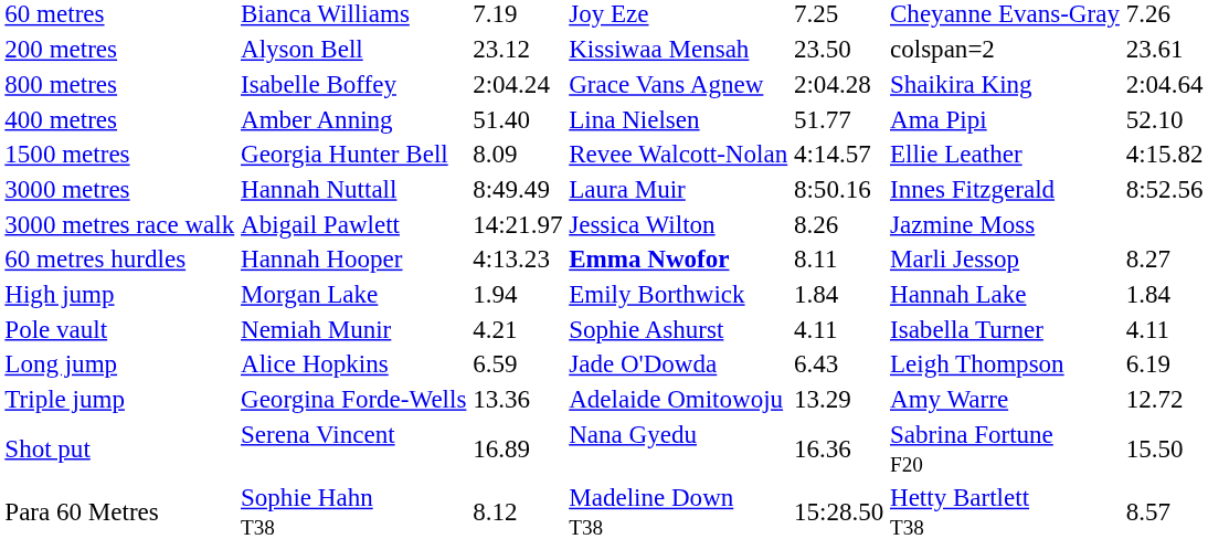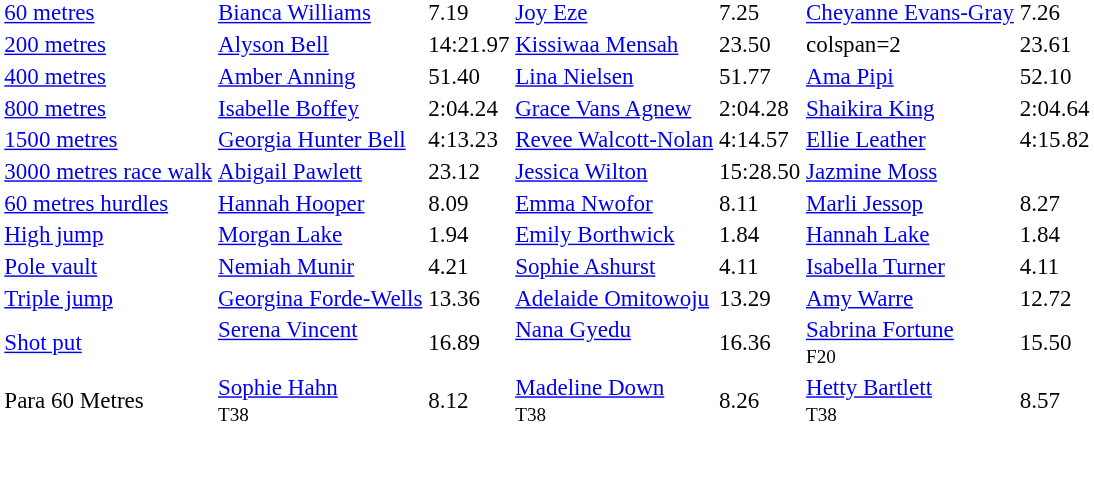 <table>
 <tr>
 <td><a href='#'>60 metres</a></td>
 <td><a href='#'>Bianca Williams</a></td>
 <td>7.19 </td>
 <td><a href='#'>Joy Eze</a></td>
 <td>7.25</td>
 <td><a href='#'>Cheyanne Evans-Gray</a></td>
 <td>7.26 </td>
 </tr>
 <tr>
 <td><a href='#'>200 metres</a></td>
 <td><a href='#'>Alyson Bell</a></td>
-<td>23.12 </td>
+<td>14:21.97</td>
 <td><a href='#'>Kissiwaa Mensah</a></td>
 <td>23.50</td>
 <td>colspan=2 </td>
 <td>23.61</td>
+</tr>
+<tr>
+<td><a href='#'>400 metres</a></td>
+<td><a href='#'>Amber Anning</a></td>
+<td>51.40</td>
+<td><a href='#'>Lina Nielsen</a></td>
+<td>51.77 </td>
+<td><a href='#'>Ama Pipi</a></td>
+<td>52.10 </td>
 </tr>
 <tr>
 <td><a href='#'>800 metres</a></td>
 <td><a href='#'>Isabelle Boffey</a></td>
 <td>2:04.24</td>
 <td><a href='#'>Grace Vans Agnew</a></td>
 <td>2:04.28</td>
 <td><a href='#'>Shaikira King</a></td>
 <td>2:04.64</td>
 </tr>
 <tr>
-<td><a href='#'>400 metres</a></td>
-<td><a href='#'>Amber Anning</a></td>
-<td>51.40</td>
-<td><a href='#'>Lina Nielsen</a></td>
-<td>51.77 </td>
-<td><a href='#'>Ama Pipi</a></td>
-<td>52.10 </td>
-</tr>
-<tr>
 <td><a href='#'>1500 metres</a></td>
 <td><a href='#'>Georgia Hunter Bell</a></td>
-<td>8.09 </td>
+<td>4:13.23</td>
 <td><a href='#'>Revee Walcott-Nolan</a></td>
 <td>4:14.57</td>
 <td><a href='#'>Ellie Leather</a></td>
 <td>4:15.82</td>
 </tr>
 <tr>
-<td><a href='#'>3000 metres</a></td>
-<td><a href='#'>Hannah Nuttall</a></td>
-<td>8:49.49</td>
-<td><a href='#'>Laura Muir</a></td>
-<td>8:50.16</td>
-<td><a href='#'>Innes Fitzgerald</a></td>
-<td>8:52.56</td>
-</tr>
-<tr>
 <td><a href='#'>3000 metres race walk</a></td>
 <td><a href='#'>Abigail Pawlett</a></td>
-<td>14:21.97</td>
+<td>23.12 </td>
 <td><a href='#'>Jessica Wilton</a></td>
-<td>8.26</td>
+<td>15:28.50</td>
 <td><a href='#'>Jazmine Moss</a></td>
 </tr>
 <tr>
 <td><a href='#'>60 metres hurdles</a></td>
 <td><a href='#'>Hannah Hooper</a></td>
-<td>4:13.23</td>
-<td><strong><a href='#'>Emma Nwofor</a></strong></td>
+<td>8.09 </td>
+<td><a href='#'>Emma Nwofor</a></td>
 <td>8.11 </td>
 <td><a href='#'>Marli Jessop</a></td>
 <td>8.27 </td>
 </tr>
 <tr>
 <td><a href='#'>High jump</a></td>
 <td><a href='#'>Morgan Lake</a></td>
 <td>1.94 </td>
 <td><a href='#'>Emily Borthwick</a></td>
 <td>1.84 </td>
 <td><a href='#'>Hannah Lake</a></td>
 <td>1.84 </td>
 </tr>
 <tr>
 <td><a href='#'>Pole vault</a></td>
 <td><a href='#'>Nemiah Munir</a></td>
 <td>4.21</td>
 <td><a href='#'>Sophie Ashurst</a></td>
 <td>4.11</td>
 <td><a href='#'>Isabella Turner</a></td>
 <td>4.11 </td>
-</tr>
-<tr>
-<td><a href='#'>Long jump</a></td>
-<td><a href='#'>Alice Hopkins</a></td>
-<td>6.59 </td>
-<td><a href='#'>Jade O'Dowda</a></td>
-<td>6.43</td>
-<td><a href='#'>Leigh Thompson</a></td>
-<td>6.19 </td>
 </tr>
 <tr>
 <td><a href='#'>Triple jump</a></td>
 <td><a href='#'>Georgina Forde-Wells</a></td>
 <td>13.36</td>
 <td><a href='#'>Adelaide Omitowoju</a></td>
 <td>13.29 </td>
 <td><a href='#'>Amy Warre</a></td>
 <td>12.72</td>
 </tr>
 <tr>
 <td><a href='#'>Shot put</a></td>
 <td valign="top"><a href='#'>Serena Vincent</a></td>
 <td>16.89</td>
 <td valign="top"><a href='#'>Nana Gyedu</a></td>
 <td>16.36</td>
 <td valign="top"><a href='#'>Sabrina Fortune</a><br><small>F20</small></td>
 <td>15.50</td>
 </tr>
 <tr>
 <td>Para 60 Metres</td>
 <td><a href='#'>Sophie Hahn</a><br><small>T38</small></td>
 <td>8.12 </td>
 <td><a href='#'>Madeline Down</a><br><small>T38</small></td>
-<td>15:28.50</td>
+<td>8.26</td>
 <td><a href='#'>Hetty Bartlett</a><br><small>T38</small></td>
 <td>8.57 </td>
 </tr>
 </table>
